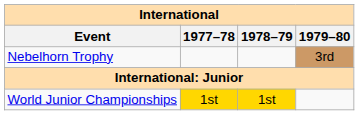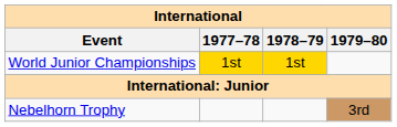 <table class="wikitable" style="text-align:center">
 <tr>
 <th colspan="4" style="background:#ffdead; text-align:center;">International</th>
 </tr>
 <tr>
 <th>Event</th>
 <th>1977–78</th>
 <th>1978–79</th>
 <th>1979–80</th>
 </tr>
 <tr>
+<td align=left><a href='#'>World Junior Championships</a></td>
+<td style="background:gold;">1st</td>
+<td style="background:gold;">1st</td>
+<td></td>
+</tr>
+<tr>
+<th colspan="4" style="background:#ffdead; text-align:center;">International: Junior</th>
+</tr>
+<tr>
 <td align=left><a href='#'>Nebelhorn Trophy</a></td>
 <td></td>
 <td></td>
 <td style="background:#c96;">3rd</td>
 </tr>
-<tr>
-<th colspan="4" style="background:#ffdead; text-align:center;">International: Junior</th>
-</tr>
-<tr>
-<td align=left><a href='#'>World Junior Championships</a></td>
-<td style="background:gold;">1st</td>
-<td style="background:gold;">1st</td>
-<td></td>
-</tr>
 </table>
